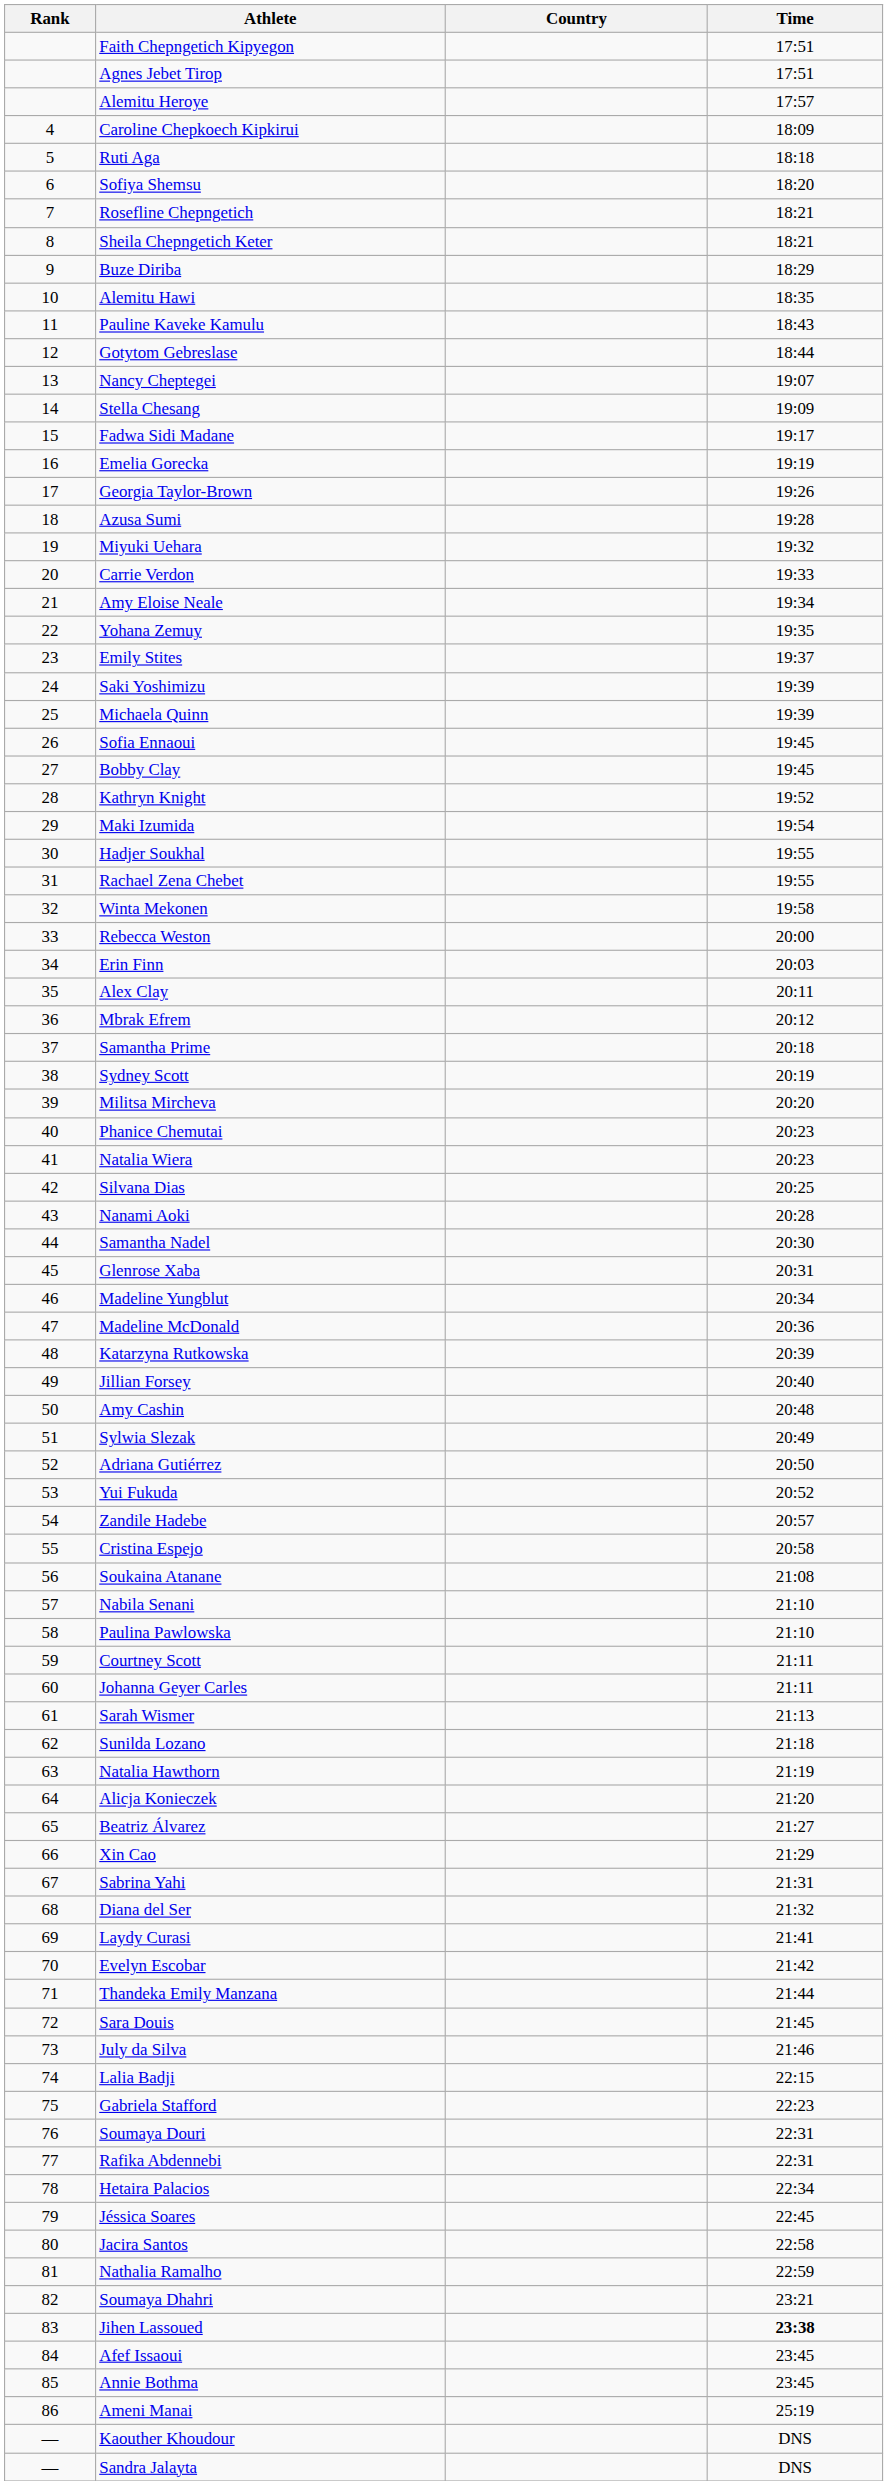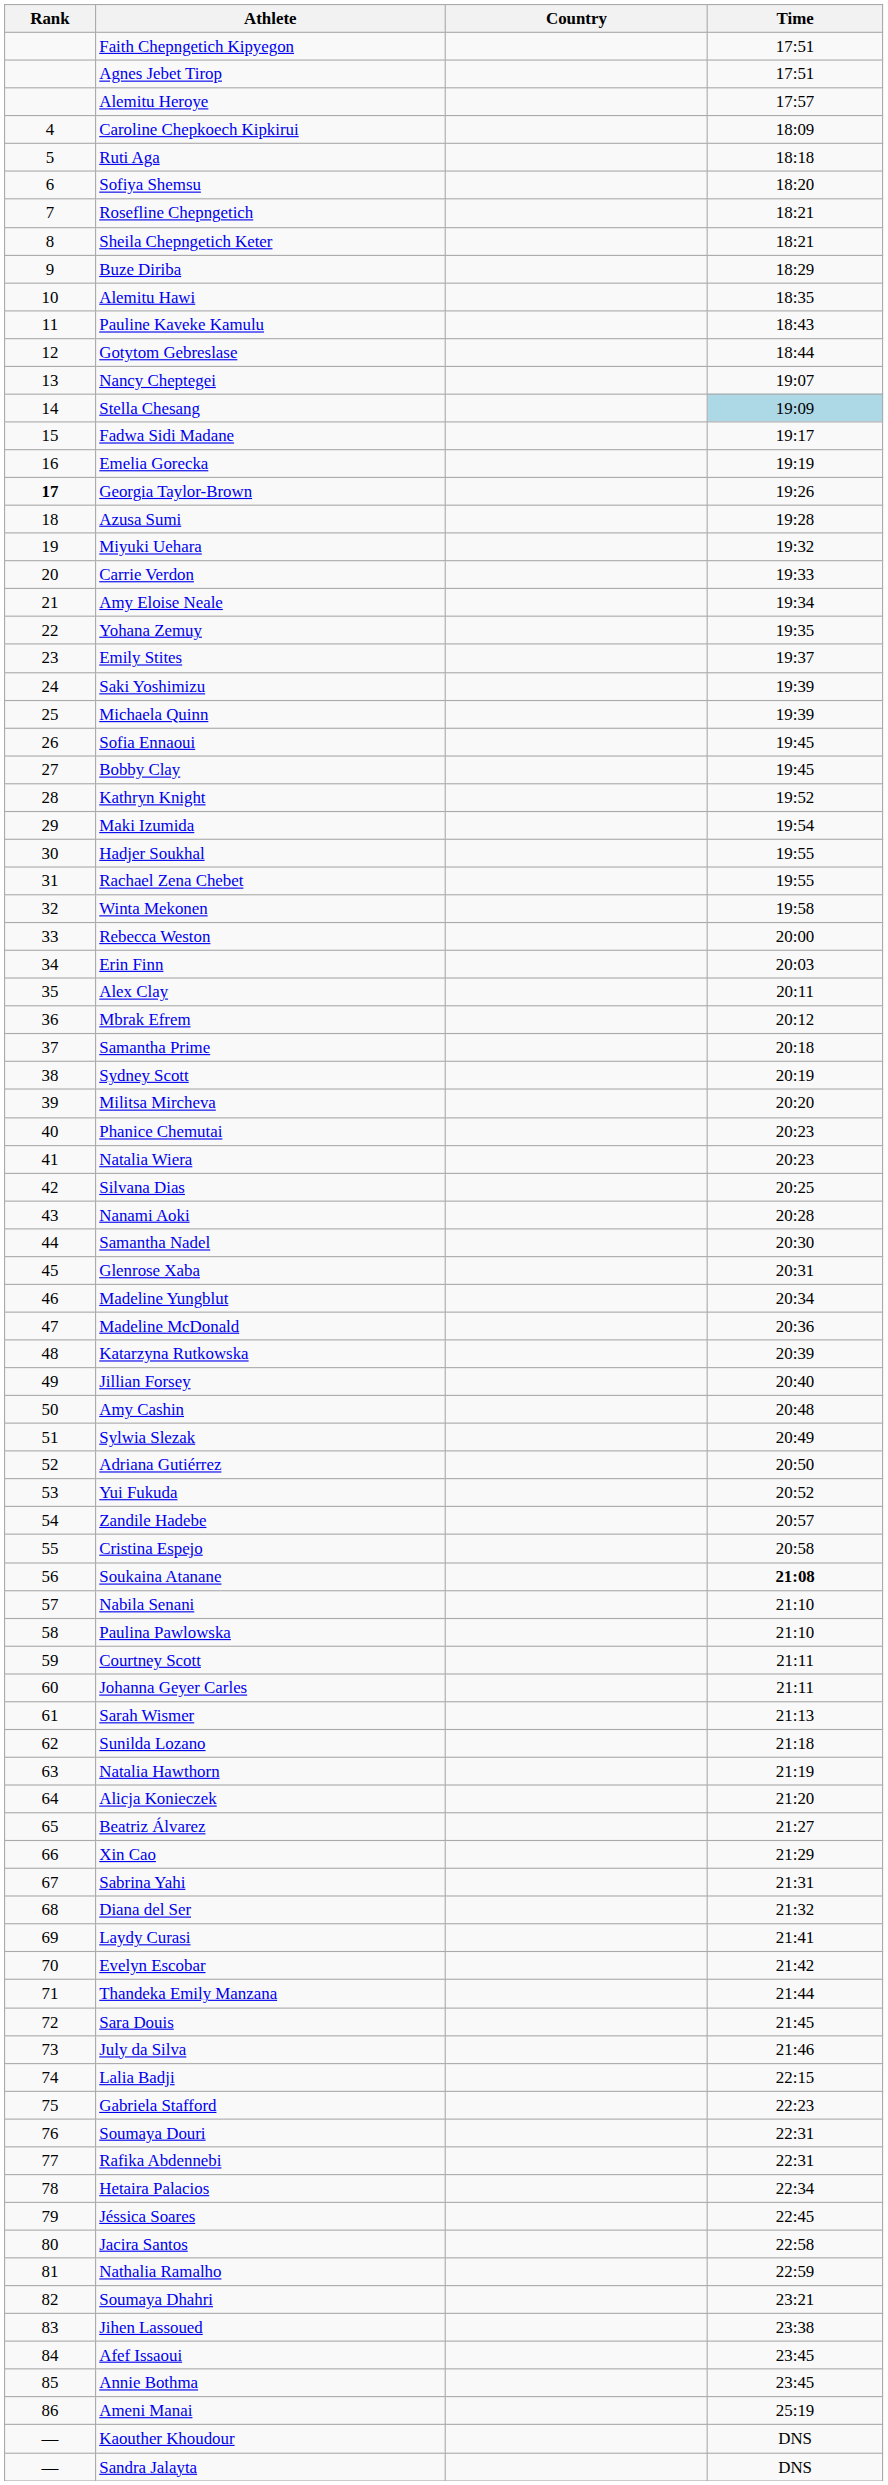 <table class="wikitable sortable" style=" text-align:center; font-size:95%;" width="50%">
 <tr>
 <th width=5%>Rank</th>
 <th width=20%>Athlete</th>
 <th width=15%>Country</th>
 <th width=10%>Time</th>
 </tr>
 <tr>
 <td align=center></td>
 <td align=left><a href='#'>Faith Chepngetich Kipyegon</a></td>
 <td align=left></td>
 <td>17:51</td>
 </tr>
 <tr>
 <td align=center></td>
 <td align=left><a href='#'>Agnes Jebet Tirop</a></td>
 <td align=left></td>
 <td>17:51</td>
 </tr>
 <tr>
 <td align=center></td>
 <td align=left><a href='#'>Alemitu Heroye</a></td>
 <td align=left></td>
 <td>17:57</td>
 </tr>
 <tr>
 <td align=center>4</td>
 <td align=left><a href='#'>Caroline Chepkoech Kipkirui</a></td>
 <td align=left></td>
 <td>18:09</td>
 </tr>
 <tr>
 <td align=center>5</td>
 <td align=left><a href='#'>Ruti Aga</a></td>
 <td align=left></td>
 <td>18:18</td>
 </tr>
 <tr>
 <td align=center>6</td>
 <td align=left><a href='#'>Sofiya Shemsu</a></td>
 <td align=left></td>
 <td>18:20</td>
 </tr>
 <tr>
 <td align=center>7</td>
 <td align=left><a href='#'>Rosefline Chepngetich</a></td>
 <td align=left></td>
 <td>18:21</td>
 </tr>
 <tr>
 <td align=center>8</td>
 <td align=left><a href='#'>Sheila Chepngetich Keter</a></td>
 <td align=left></td>
 <td>18:21</td>
 </tr>
 <tr>
 <td align=center>9</td>
 <td align=left><a href='#'>Buze Diriba</a></td>
 <td align=left></td>
 <td>18:29</td>
 </tr>
 <tr>
 <td align=center>10</td>
 <td align=left><a href='#'>Alemitu Hawi</a></td>
 <td align=left></td>
 <td>18:35</td>
 </tr>
 <tr>
 <td align=center>11</td>
 <td align=left><a href='#'>Pauline Kaveke Kamulu</a></td>
 <td align=left></td>
 <td>18:43</td>
 </tr>
 <tr>
 <td align=center>12</td>
 <td align=left><a href='#'>Gotytom Gebreslase</a></td>
 <td align=left></td>
 <td>18:44</td>
 </tr>
 <tr>
 <td align=center>13</td>
 <td align=left><a href='#'>Nancy Cheptegei</a></td>
 <td align=left></td>
 <td>19:07</td>
 </tr>
 <tr>
 <td align=center>14</td>
 <td align=left><a href='#'>Stella Chesang</a></td>
 <td align=left></td>
-<td>19:09</td>
+<td style="background: lightblue;">19:09</td>
 </tr>
 <tr>
 <td align=center>15</td>
 <td align=left><a href='#'>Fadwa Sidi Madane</a></td>
 <td align=left></td>
 <td>19:17</td>
 </tr>
 <tr>
 <td align=center>16</td>
 <td align=left><a href='#'>Emelia Gorecka</a></td>
 <td align=left></td>
 <td>19:19</td>
 </tr>
 <tr>
-<td align=center>17</td>
+<td align=center><strong>17</strong></td>
 <td align=left><a href='#'>Georgia Taylor-Brown</a></td>
 <td align=left></td>
 <td>19:26</td>
 </tr>
 <tr>
 <td align=center>18</td>
 <td align=left><a href='#'>Azusa Sumi</a></td>
 <td align=left></td>
 <td>19:28</td>
 </tr>
 <tr>
 <td align=center>19</td>
 <td align=left><a href='#'>Miyuki Uehara</a></td>
 <td align=left></td>
 <td>19:32</td>
 </tr>
 <tr>
 <td align=center>20</td>
 <td align=left><a href='#'>Carrie Verdon</a></td>
 <td align=left></td>
 <td>19:33</td>
 </tr>
 <tr>
 <td align=center>21</td>
 <td align=left><a href='#'>Amy Eloise Neale</a></td>
 <td align=left></td>
 <td>19:34</td>
 </tr>
 <tr>
 <td align=center>22</td>
 <td align=left><a href='#'>Yohana Zemuy</a></td>
 <td align=left></td>
 <td>19:35</td>
 </tr>
 <tr>
 <td align=center>23</td>
 <td align=left><a href='#'>Emily Stites</a></td>
 <td align=left></td>
 <td>19:37</td>
 </tr>
 <tr>
 <td align=center>24</td>
 <td align=left><a href='#'>Saki Yoshimizu</a></td>
 <td align=left></td>
 <td>19:39</td>
 </tr>
 <tr>
 <td align=center>25</td>
 <td align=left><a href='#'>Michaela Quinn</a></td>
 <td align=left></td>
 <td>19:39</td>
 </tr>
 <tr>
 <td align=center>26</td>
 <td align=left><a href='#'>Sofia Ennaoui</a></td>
 <td align=left></td>
 <td>19:45</td>
 </tr>
 <tr>
 <td align=center>27</td>
 <td align=left><a href='#'>Bobby Clay</a></td>
 <td align=left></td>
 <td>19:45</td>
 </tr>
 <tr>
 <td align=center>28</td>
 <td align=left><a href='#'>Kathryn Knight</a></td>
 <td align=left></td>
 <td>19:52</td>
 </tr>
 <tr>
 <td align=center>29</td>
 <td align=left><a href='#'>Maki Izumida</a></td>
 <td align=left></td>
 <td>19:54</td>
 </tr>
 <tr>
 <td align=center>30</td>
 <td align=left><a href='#'>Hadjer Soukhal</a></td>
 <td align=left></td>
 <td>19:55</td>
 </tr>
 <tr>
 <td align=center>31</td>
 <td align=left><a href='#'>Rachael Zena Chebet</a></td>
 <td align=left></td>
 <td>19:55</td>
 </tr>
 <tr>
 <td align=center>32</td>
 <td align=left><a href='#'>Winta Mekonen</a></td>
 <td align=left></td>
 <td>19:58</td>
 </tr>
 <tr>
 <td align=center>33</td>
 <td align=left><a href='#'>Rebecca Weston</a></td>
 <td align=left></td>
 <td>20:00</td>
 </tr>
 <tr>
 <td align=center>34</td>
 <td align=left><a href='#'>Erin Finn</a></td>
 <td align=left></td>
 <td>20:03</td>
 </tr>
 <tr>
 <td align=center>35</td>
 <td align=left><a href='#'>Alex Clay</a></td>
 <td align=left></td>
 <td>20:11</td>
 </tr>
 <tr>
 <td align=center>36</td>
 <td align=left><a href='#'>Mbrak Efrem</a></td>
 <td align=left></td>
 <td>20:12</td>
 </tr>
 <tr>
 <td align=center>37</td>
 <td align=left><a href='#'>Samantha Prime</a></td>
 <td align=left></td>
 <td>20:18</td>
 </tr>
 <tr>
 <td align=center>38</td>
 <td align=left><a href='#'>Sydney Scott</a></td>
 <td align=left></td>
 <td>20:19</td>
 </tr>
 <tr>
 <td align=center>39</td>
 <td align=left><a href='#'>Militsa Mircheva</a></td>
 <td align=left></td>
 <td>20:20</td>
 </tr>
 <tr>
 <td align=center>40</td>
 <td align=left><a href='#'>Phanice Chemutai</a></td>
 <td align=left></td>
 <td>20:23</td>
 </tr>
 <tr>
 <td align=center>41</td>
 <td align=left><a href='#'>Natalia Wiera</a></td>
 <td align=left></td>
 <td>20:23</td>
 </tr>
 <tr>
 <td align=center>42</td>
 <td align=left><a href='#'>Silvana Dias</a></td>
 <td align=left></td>
 <td>20:25</td>
 </tr>
 <tr>
 <td align=center>43</td>
 <td align=left><a href='#'>Nanami Aoki</a></td>
 <td align=left></td>
 <td>20:28</td>
 </tr>
 <tr>
 <td align=center>44</td>
 <td align=left><a href='#'>Samantha Nadel</a></td>
 <td align=left></td>
 <td>20:30</td>
 </tr>
 <tr>
 <td align=center>45</td>
 <td align=left><a href='#'>Glenrose Xaba</a></td>
 <td align=left></td>
 <td>20:31</td>
 </tr>
 <tr>
 <td align=center>46</td>
 <td align=left><a href='#'>Madeline Yungblut</a></td>
 <td align=left></td>
 <td>20:34</td>
 </tr>
 <tr>
 <td align=center>47</td>
 <td align=left><a href='#'>Madeline McDonald</a></td>
 <td align=left></td>
 <td>20:36</td>
 </tr>
 <tr>
 <td align=center>48</td>
 <td align=left><a href='#'>Katarzyna Rutkowska</a></td>
 <td align=left></td>
 <td>20:39</td>
 </tr>
 <tr>
 <td align=center>49</td>
 <td align=left><a href='#'>Jillian Forsey</a></td>
 <td align=left></td>
 <td>20:40</td>
 </tr>
 <tr>
 <td align=center>50</td>
 <td align=left><a href='#'>Amy Cashin</a></td>
 <td align=left></td>
 <td>20:48</td>
 </tr>
 <tr>
 <td align=center>51</td>
 <td align=left><a href='#'>Sylwia Slezak</a></td>
 <td align=left></td>
 <td>20:49</td>
 </tr>
 <tr>
 <td align=center>52</td>
 <td align=left><a href='#'>Adriana Gutiérrez</a></td>
 <td align=left></td>
 <td>20:50</td>
 </tr>
 <tr>
 <td align=center>53</td>
 <td align=left><a href='#'>Yui Fukuda</a></td>
 <td align=left></td>
 <td>20:52</td>
 </tr>
 <tr>
 <td align=center>54</td>
 <td align=left><a href='#'>Zandile Hadebe</a></td>
 <td align=left></td>
 <td>20:57</td>
 </tr>
 <tr>
 <td align=center>55</td>
 <td align=left><a href='#'>Cristina Espejo</a></td>
 <td align=left></td>
 <td>20:58</td>
 </tr>
 <tr>
 <td align=center>56</td>
 <td align=left><a href='#'>Soukaina Atanane</a></td>
 <td align=left></td>
-<td>21:08</td>
+<td><strong>21:08</strong></td>
 </tr>
 <tr>
 <td align=center>57</td>
 <td align=left><a href='#'>Nabila Senani</a></td>
 <td align=left></td>
 <td>21:10</td>
 </tr>
 <tr>
 <td align=center>58</td>
 <td align=left><a href='#'>Paulina Pawlowska</a></td>
 <td align=left></td>
 <td>21:10</td>
 </tr>
 <tr>
 <td align=center>59</td>
 <td align=left><a href='#'>Courtney Scott</a></td>
 <td align=left></td>
 <td>21:11</td>
 </tr>
 <tr>
 <td align=center>60</td>
 <td align=left><a href='#'>Johanna Geyer Carles</a></td>
 <td align=left></td>
 <td>21:11</td>
 </tr>
 <tr>
 <td align=center>61</td>
 <td align=left><a href='#'>Sarah Wismer</a></td>
 <td align=left></td>
 <td>21:13</td>
 </tr>
 <tr>
 <td align=center>62</td>
 <td align=left><a href='#'>Sunilda Lozano</a></td>
 <td align=left></td>
 <td>21:18</td>
 </tr>
 <tr>
 <td align=center>63</td>
 <td align=left><a href='#'>Natalia Hawthorn</a></td>
 <td align=left></td>
 <td>21:19</td>
 </tr>
 <tr>
 <td align=center>64</td>
 <td align=left><a href='#'>Alicja Konieczek</a></td>
 <td align=left></td>
 <td>21:20</td>
 </tr>
 <tr>
 <td align=center>65</td>
 <td align=left><a href='#'>Beatriz Álvarez</a></td>
 <td align=left></td>
 <td>21:27</td>
 </tr>
 <tr>
 <td align=center>66</td>
 <td align=left><a href='#'>Xin Cao</a></td>
 <td align=left></td>
 <td>21:29</td>
 </tr>
 <tr>
 <td align=center>67</td>
 <td align=left><a href='#'>Sabrina Yahi</a></td>
 <td align=left></td>
 <td>21:31</td>
 </tr>
 <tr>
 <td align=center>68</td>
 <td align=left><a href='#'>Diana del Ser</a></td>
 <td align=left></td>
 <td>21:32</td>
 </tr>
 <tr>
 <td align=center>69</td>
 <td align=left><a href='#'>Laydy Curasi</a></td>
 <td align=left></td>
 <td>21:41</td>
 </tr>
 <tr>
 <td align=center>70</td>
 <td align=left><a href='#'>Evelyn Escobar</a></td>
 <td align=left></td>
 <td>21:42</td>
 </tr>
 <tr>
 <td align=center>71</td>
 <td align=left><a href='#'>Thandeka Emily Manzana</a></td>
 <td align=left></td>
 <td>21:44</td>
 </tr>
 <tr>
 <td align=center>72</td>
 <td align=left><a href='#'>Sara Douis</a></td>
 <td align=left></td>
 <td>21:45</td>
 </tr>
 <tr>
 <td align=center>73</td>
 <td align=left><a href='#'>July da Silva</a></td>
 <td align=left></td>
 <td>21:46</td>
 </tr>
 <tr>
 <td align=center>74</td>
 <td align=left><a href='#'>Lalia Badji</a></td>
 <td align=left></td>
 <td>22:15</td>
 </tr>
 <tr>
 <td align=center>75</td>
 <td align=left><a href='#'>Gabriela Stafford</a></td>
 <td align=left></td>
 <td>22:23</td>
 </tr>
 <tr>
 <td align=center>76</td>
 <td align=left><a href='#'>Soumaya Douri</a></td>
 <td align=left></td>
 <td>22:31</td>
 </tr>
 <tr>
 <td align=center>77</td>
 <td align=left><a href='#'>Rafika Abdennebi</a></td>
 <td align=left></td>
 <td>22:31</td>
 </tr>
 <tr>
 <td align=center>78</td>
 <td align=left><a href='#'>Hetaira Palacios</a></td>
 <td align=left></td>
 <td>22:34</td>
 </tr>
 <tr>
 <td align=center>79</td>
 <td align=left><a href='#'>Jéssica Soares</a></td>
 <td align=left></td>
 <td>22:45</td>
 </tr>
 <tr>
 <td align=center>80</td>
 <td align=left><a href='#'>Jacira Santos</a></td>
 <td align=left></td>
 <td>22:58</td>
 </tr>
 <tr>
 <td align=center>81</td>
 <td align=left><a href='#'>Nathalia Ramalho</a></td>
 <td align=left></td>
 <td>22:59</td>
 </tr>
 <tr>
 <td align=center>82</td>
 <td align=left><a href='#'>Soumaya Dhahri</a></td>
 <td align=left></td>
 <td>23:21</td>
 </tr>
 <tr>
 <td align=center>83</td>
 <td align=left><a href='#'>Jihen Lassoued</a></td>
 <td align=left></td>
-<td><strong>23:38</strong></td>
+<td>23:38</td>
 </tr>
 <tr>
 <td align=center>84</td>
 <td align=left><a href='#'>Afef Issaoui</a></td>
 <td align=left></td>
 <td>23:45</td>
 </tr>
 <tr>
 <td align=center>85</td>
 <td align=left><a href='#'>Annie Bothma</a></td>
 <td align=left></td>
 <td>23:45</td>
 </tr>
 <tr>
 <td align=center>86</td>
 <td align=left><a href='#'>Ameni Manai</a></td>
 <td align=left></td>
 <td>25:19</td>
 </tr>
 <tr>
 <td align=center>—</td>
 <td align=left><a href='#'>Kaouther Khoudour</a></td>
 <td align=left></td>
 <td>DNS</td>
 </tr>
 <tr>
 <td align=center>—</td>
 <td align=left><a href='#'>Sandra Jalayta</a></td>
 <td align=left></td>
 <td>DNS</td>
 </tr>
 </table>
